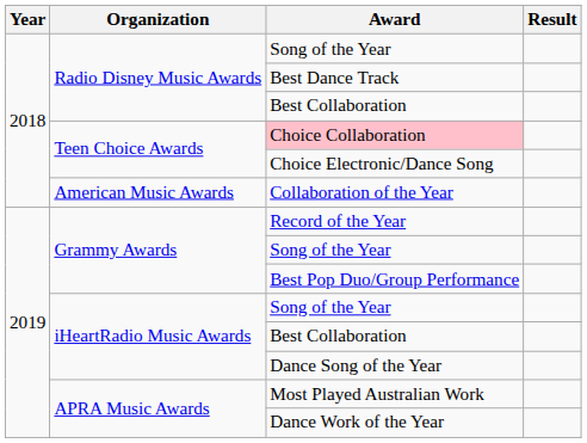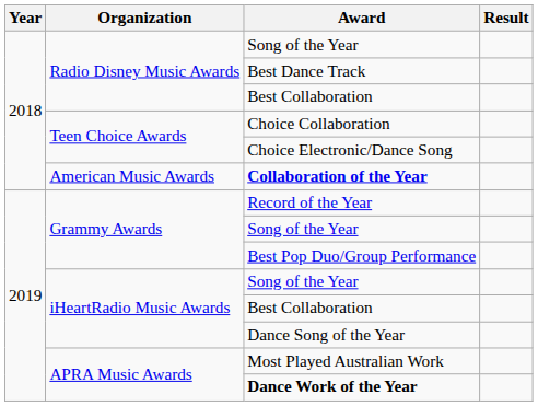 <table class="wikitable" border="1">
 <tr>
 <th>Year</th>
 <th>Organization</th>
 <th>Award</th>
 <th>Result</th>
 </tr>
 <tr>
 <td rowspan="6">2018</td>
 <td rowspan="3"><a href='#'>Radio Disney Music Awards</a></td>
 <td>Song of the Year</td>
 <td></td>
 </tr>
 <tr>
 <td>Best Dance Track</td>
 <td></td>
 </tr>
 <tr>
 <td>Best Collaboration</td>
 <td></td>
 </tr>
 <tr>
 <td rowspan="2"><a href='#'>Teen Choice Awards</a></td>
-<td style="background: pink;">Choice Collaboration</td>
+<td>Choice Collaboration</td>
 <td></td>
 </tr>
 <tr>
 <td>Choice Electronic/Dance Song</td>
 <td></td>
 </tr>
 <tr>
 <td><a href='#'>American Music Awards</a></td>
-<td><a href='#'>Collaboration of the Year</a></td>
+<td><strong><a href='#'>Collaboration of the Year</a></strong></td>
 <td></td>
 </tr>
 <tr>
 <td rowspan="8">2019</td>
 <td rowspan="3"><a href='#'>Grammy Awards</a></td>
 <td><a href='#'>Record of the Year</a></td>
 <td></td>
 </tr>
 <tr>
 <td><a href='#'>Song of the Year</a></td>
 <td></td>
 </tr>
 <tr>
 <td><a href='#'>Best Pop Duo/Group Performance</a></td>
 <td></td>
 </tr>
 <tr>
 <td rowspan="3"><a href='#'>iHeartRadio Music Awards</a></td>
 <td><a href='#'>Song of the Year</a></td>
 <td></td>
 </tr>
 <tr>
 <td>Best Collaboration</td>
 <td></td>
 </tr>
 <tr>
 <td>Dance Song of the Year</td>
 <td></td>
 </tr>
 <tr>
 <td rowspan="2"><a href='#'>APRA Music Awards</a></td>
 <td>Most Played Australian Work</td>
 <td></td>
 </tr>
 <tr>
-<td>Dance Work of the Year</td>
+<td><strong>Dance Work of the Year</strong></td>
 <td></td>
 </tr>
 </table>
